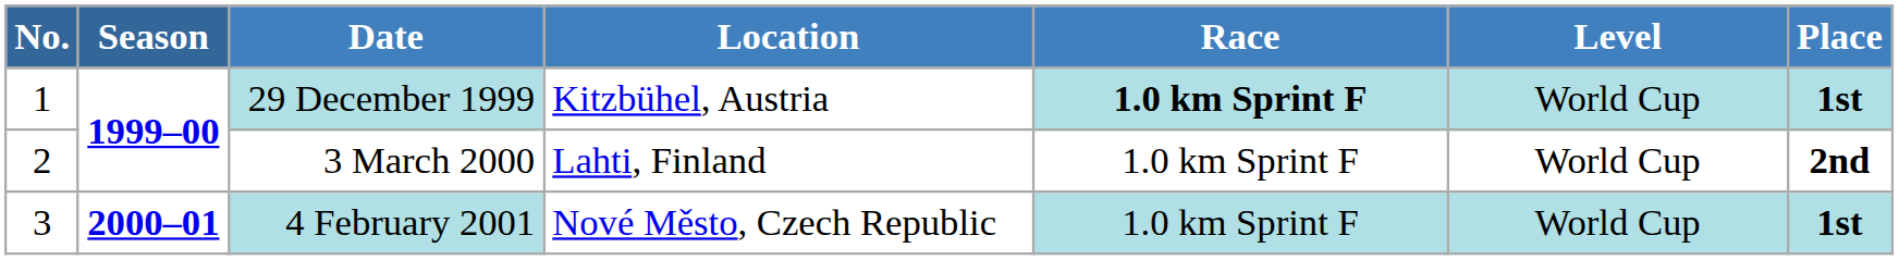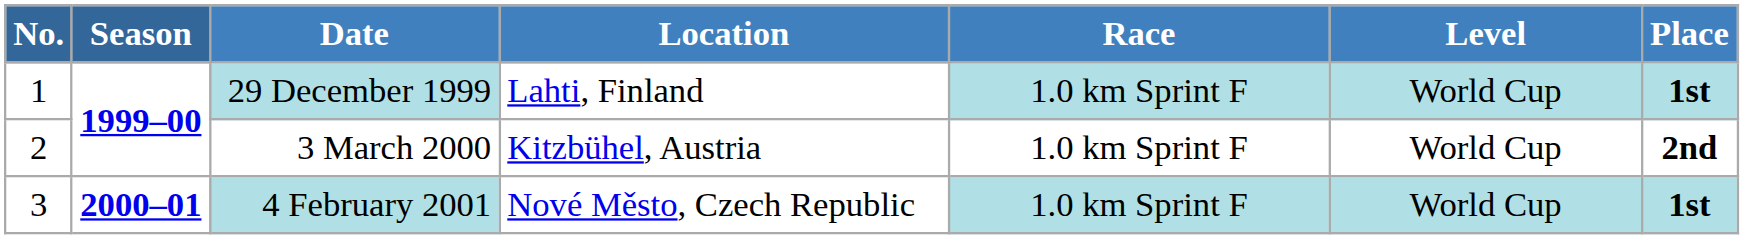 <table class="wikitable sortable" style="font-size:95%; text-align:center; border:grey solid 1px; border-collapse:collapse; background:#ffffff;">
 <tr style="background:#efefef;">
 <th style="background-color:#369; color:white;">No.</th>
 <th style="background-color:#369; color:white;">Season</th>
 <th style="background-color:#4180be; color:white; width:120px;">Date</th>
 <th style="background-color:#4180be; color:white; width:190px;">Location</th>
 <th style="background-color:#4180be; color:white; width:160px;">Race</th>
 <th style="background-color:#4180be; color:white; width:130px;">Level</th>
 <th style="background-color:#4180be; color:white;">Place</th>
 </tr>
 <tr>
 <td align=center>1</td>
 <td rowspan=2 align=center><strong><a href='#'>1999–00</a></strong></td>
 <td bgcolor="#BOEOE6" align=right>29 December 1999</td>
-<td align=left> <a href='#'>Kitzbühel</a>, Austria</td>
-<td bgcolor="#BOEOE6"><strong>1.0 km Sprint F</strong></td>
+<td align=left> <a href='#'>Lahti</a>, Finland</td>
+<td bgcolor="#BOEOE6">1.0 km Sprint F</td>
 <td bgcolor="#BOEOE6">World Cup</td>
 <td bgcolor="#BOEOE6"><strong>1st</strong></td>
 </tr>
 <tr>
 <td align=center>2</td>
 <td align=right>3 March 2000</td>
-<td align=left> <a href='#'>Lahti</a>, Finland</td>
+<td align=left> <a href='#'>Kitzbühel</a>, Austria</td>
 <td>1.0 km Sprint F</td>
 <td>World Cup</td>
 <td><strong>2nd</strong></td>
 </tr>
 <tr>
 <td align=center>3</td>
 <td rowspan=1 align=center><strong><a href='#'>2000–01</a></strong></td>
 <td bgcolor="#BOEOE6" align=right>4 February 2001</td>
 <td align=left> <a href='#'>Nové Město</a>, Czech Republic</td>
 <td bgcolor="#BOEOE6">1.0 km Sprint F</td>
 <td bgcolor="#BOEOE6">World Cup</td>
 <td bgcolor="#BOEOE6"><strong>1st</strong></td>
 </tr>
 </table>
